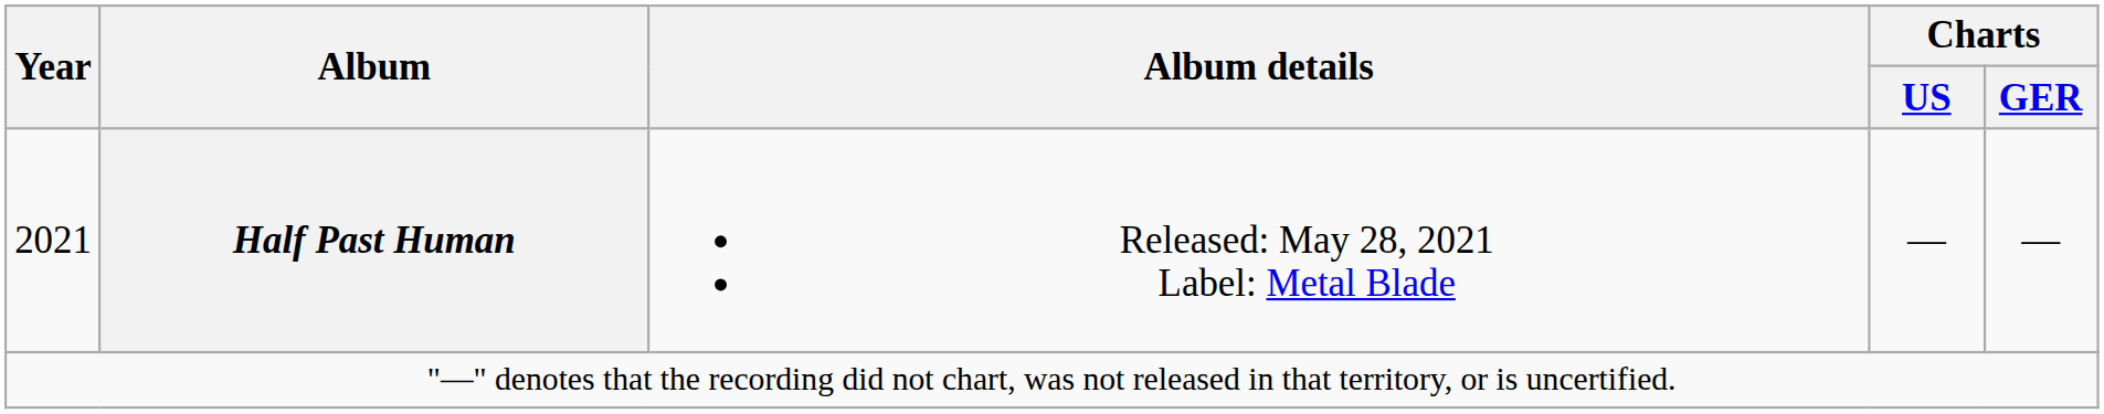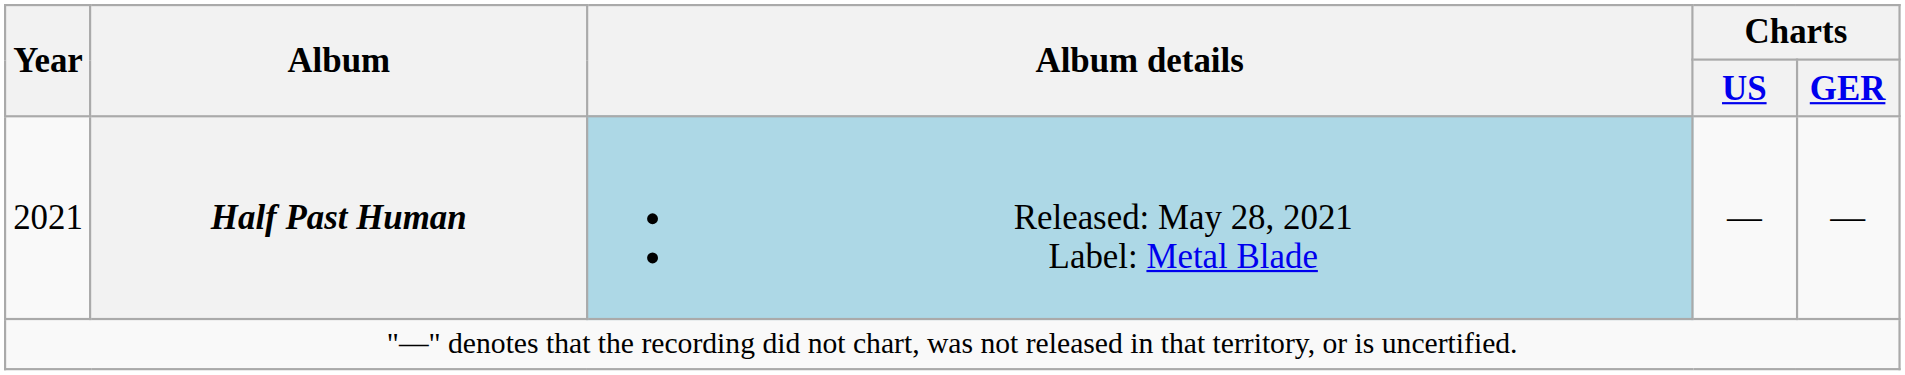 <table class="wikitable plainrowheaders" style="text-align:center;" border="1">
 <tr>
 <th style="width:10px;" rowspan="2">Year</th>
 <th style="width:220px;" rowspan="2">Album</th>
 <th style="width:500px;" rowspan="2">Album details</th>
 <th colspan="2">Charts</th>
 </tr>
 <tr>
 <th width="40px"><a href='#'>US</a><br></th>
 <th width="40px"><a href='#'>GER</a><br></th>
 </tr>
 <tr>
 <td style="width:10px;">2021</td>
 <th scope="row" style="width:220px;"><em>Half Past Human</em></th>
-<td style="width:500px;"><br><ul><li>Released: May 28, 2021</li><li>Label: <a href='#'>Metal Blade</a></li></ul></td>
+<td style="background: lightblue; width:500px;"><br><ul><li>Released: May 28, 2021</li><li>Label: <a href='#'>Metal Blade</a></li></ul></td>
 <td>—</td>
 <td>—</td>
 </tr>
 <tr>
 <td colspan="5" style="font-size:85%">"—" denotes that the recording did not chart, was not released in that territory, or is uncertified.</td>
 </tr>
 </table>
